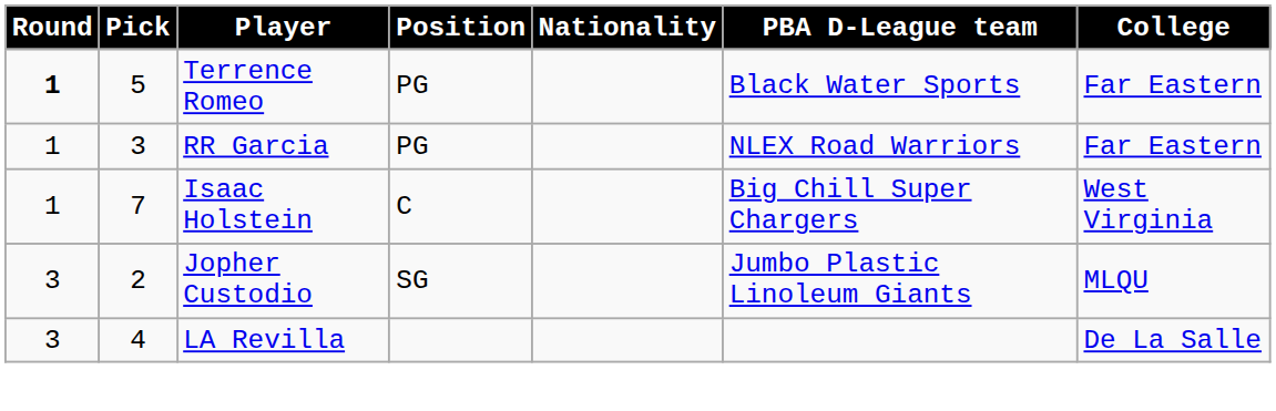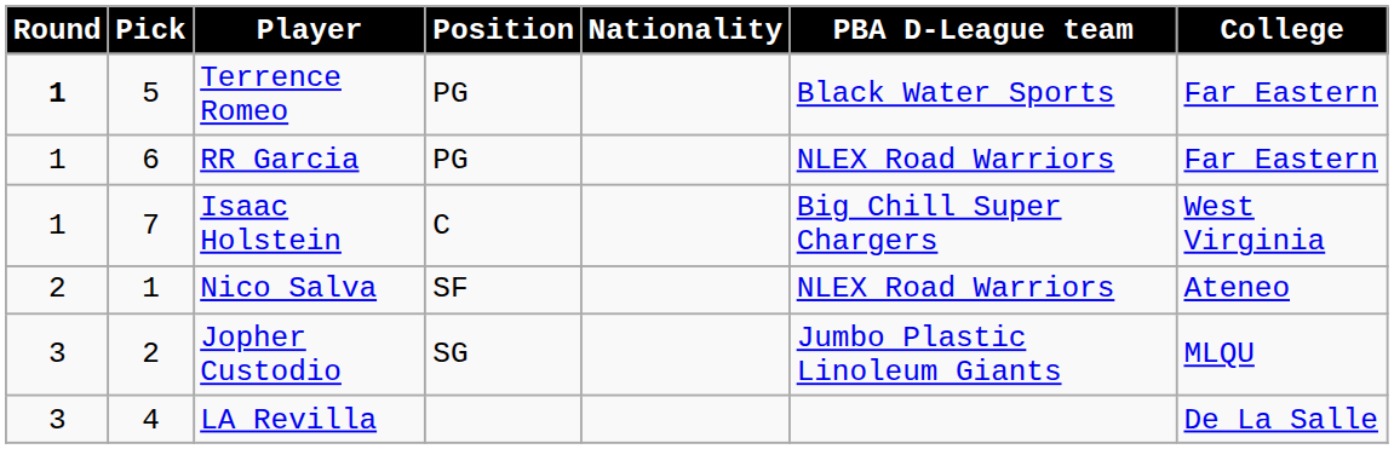 <table class="wikitable sortable sortable">
 <tr>
 <th style="background:#000000; color:#FFFFFF; ">Round</th>
 <th style="background:#000000; color:#FFFFFF; ">Pick</th>
 <th style="background:#000000; color:#FFFFFF; ">Player</th>
 <th style="background:#000000; color:#FFFFFF; ">Position</th>
 <th style="background:#000000; color:#FFFFFF; ">Nationality</th>
 <th style="background:#000000; color:#FFFFFF; ">PBA D-League team</th>
 <th style="background:#000000; color:#FFFFFF; ">College</th>
 </tr>
 <tr>
 <td align=center><strong>1</strong></td>
 <td align=center>5</td>
 <td><a href='#'>Terrence Romeo</a></td>
 <td>PG</td>
 <td></td>
 <td><a href='#'>Black Water Sports</a></td>
 <td><a href='#'>Far Eastern</a></td>
 </tr>
 <tr>
 <td align=center>1</td>
-<td align=center>3</td>
+<td align=center>6</td>
 <td><a href='#'>RR Garcia</a></td>
 <td>PG</td>
 <td></td>
 <td><a href='#'>NLEX Road Warriors</a></td>
 <td><a href='#'>Far Eastern</a></td>
 </tr>
 <tr>
 <td align=center>1</td>
 <td align=center>7</td>
 <td><a href='#'>Isaac Holstein</a></td>
 <td>C</td>
 <td></td>
 <td><a href='#'>Big Chill Super Chargers</a></td>
 <td><a href='#'>West Virginia</a></td>
+</tr>
+<tr>
+<td align=center>2</td>
+<td align=center>1</td>
+<td><a href='#'>Nico Salva</a></td>
+<td>SF</td>
+<td></td>
+<td><a href='#'>NLEX Road Warriors</a></td>
+<td><a href='#'>Ateneo</a></td>
 </tr>
 <tr>
 <td align=center>3</td>
 <td align=center>2</td>
 <td><a href='#'>Jopher Custodio</a></td>
 <td>SG</td>
 <td></td>
 <td><a href='#'>Jumbo Plastic Linoleum Giants</a></td>
 <td><a href='#'>MLQU</a></td>
 </tr>
 <tr>
 <td align=center>3</td>
 <td align=center>4</td>
 <td><a href='#'>LA Revilla</a></td>
 <td></td>
 <td></td>
 <td></td>
 <td><a href='#'>De La Salle</a></td>
 </tr>
 </table>
